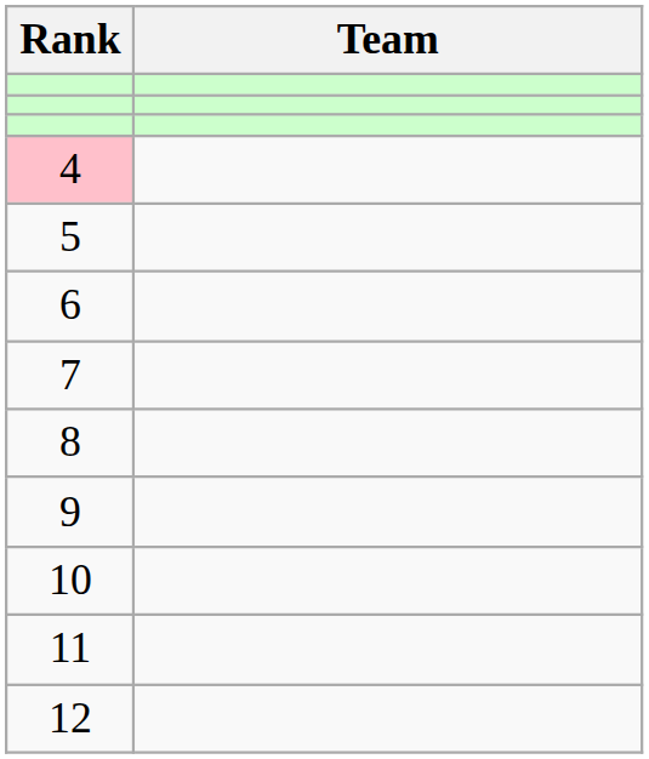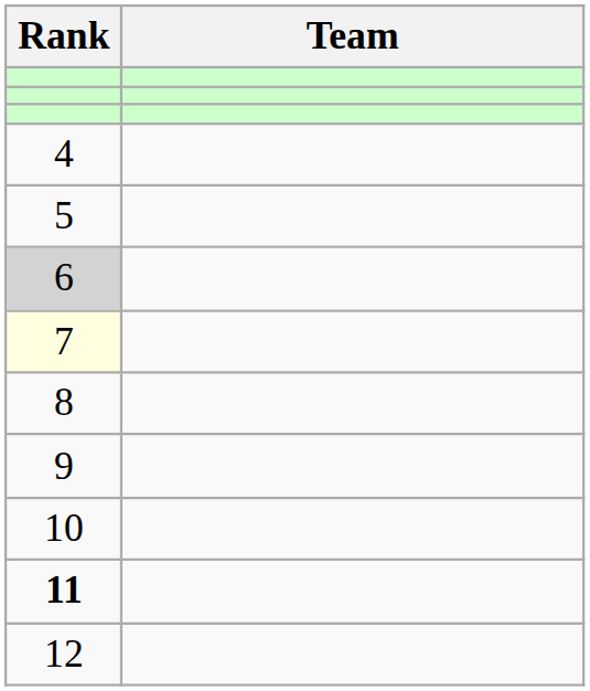 <table class="wikitable" style="text-align: center;">
 <tr>
 <th width=40>Rank</th>
 <th width=180>Team</th>
 </tr>
 <tr bgcolor=#ccffcc>
 <td></td>
 <td style="text-align:left;"></td>
 </tr>
 <tr bgcolor=#ccffcc>
 <td></td>
 <td style="text-align:left;"></td>
 </tr>
 <tr bgcolor=#ccffcc>
 <td></td>
 <td style="text-align:left;"></td>
 </tr>
 <tr>
-<td style="background: pink;">4</td>
+<td>4</td>
 <td style="text-align:left;"></td>
 </tr>
 <tr align=center>
 <td>5</td>
 <td style="text-align:left;"></td>
 </tr>
 <tr align=center>
-<td>6</td>
+<td style="background: lightgrey;">6</td>
 <td style="text-align:left;"></td>
 </tr>
 <tr align=center>
-<td>7</td>
+<td style="background: lightyellow;">7</td>
 <td style="text-align:left;"></td>
 </tr>
 <tr align=center>
 <td>8</td>
 <td style="text-align:left;"></td>
 </tr>
 <tr align=center>
 <td>9</td>
 <td style="text-align:left;"></td>
 </tr>
 <tr align=center>
 <td>10</td>
 <td style="text-align:left;"></td>
 </tr>
 <tr align=center>
-<td>11</td>
+<td><strong>11</strong></td>
 <td style="text-align:left;"></td>
 </tr>
 <tr align=center>
 <td>12</td>
 <td style="text-align:left;"></td>
 </tr>
 </table>
